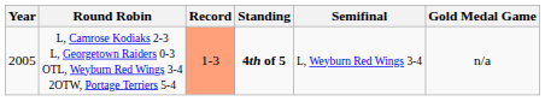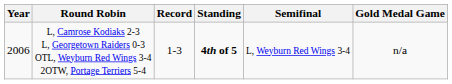 <table class="wikitable" style="text-align:center;">
 <tr>
 <th>Year</th>
 <th>Round Robin</th>
 <th>Record</th>
 <th>Standing</th>
 <th>Semifinal</th>
 <th>Gold Medal Game</th>
 </tr>
 <tr>
-<td>2005</td>
+<td>2006</td>
 <td><small>L, <a href='#'>Camrose Kodiaks</a> 2-3<br>L, <a href='#'>Georgetown Raiders</a> 0-3<br>OTL, <a href='#'>Weyburn Red Wings</a> 3-4<br>2OTW, <a href='#'>Portage Terriers</a> 5-4</small></td>
-<td style="background: lightsalmon;">1-3</td>
+<td>1-3</td>
 <td><strong>4<em>th</em> of 5</strong></td>
 <td><small>L, <a href='#'>Weyburn Red Wings</a> 3-4</small></td>
 <td>n/a</td>
 </tr>
 </table>
